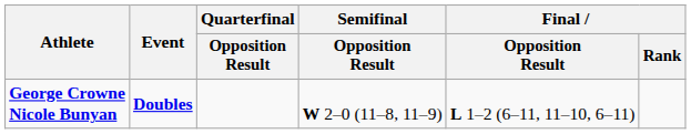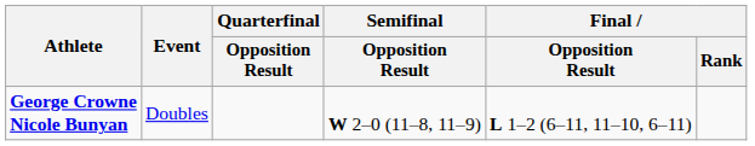 <table class=wikitable style=font-size:90%>
 <tr>
 <th rowspan=2>Athlete</th>
 <th rowspan=2>Event</th>
 <th>Quarterfinal</th>
 <th>Semifinal</th>
 <th colspan=2>Final / </th>
 </tr>
 <tr style=font-size:95%>
 <th>Opposition<br>Result</th>
 <th>Opposition<br>Result</th>
 <th>Opposition<br>Result</th>
 <th>Rank</th>
 </tr>
 <tr align=center>
 <td align=left><strong><a href='#'>George Crowne</a><br><a href='#'>Nicole Bunyan</a></strong></td>
-<td align=left><strong><a href='#'>Doubles</a></strong></td>
+<td align=left><a href='#'>Doubles</a></td>
 <td></td>
 <td><br><strong>W</strong> 2–0 (11–8, 11–9)</td>
 <td><br><strong>L</strong> 1–2 (6–11, 11–10, 6–11)</td>
 <td></td>
 </tr>
 </table>
